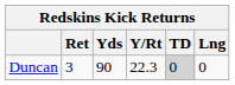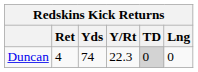 <table class="wikitable">
 <tr>
 <th colspan="6">Redskins Kick Returns</th>
 </tr>
 <tr>
 <th></th>
 <th>Ret</th>
 <th>Yds</th>
 <th>Y/Rt</th>
 <th>TD</th>
 <th>Lng</th>
 </tr>
 <tr>
 <td><a href='#'>Duncan</a></td>
-<td>3</td>
-<td>90</td>
+<td>4</td>
+<td>74</td>
 <td>22.3</td>
 <td style="background: lightgrey;">0</td>
 <td>0</td>
 </tr>
 </table>
